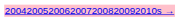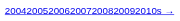 <table id=toc class=toc summary=Contents>
 <tr>
 <th></th>
 </tr>
 <tr>
-<td align=center style="background: pink;"><a href='#'>2004</a><a href='#'>2005</a><a href='#'>2006</a><a href='#'>2007</a><a href='#'>2008</a><a href='#'>2009</a><a href='#'>2010s →</a></td>
+<td align=center><a href='#'>2004</a><a href='#'>2005</a><a href='#'>2006</a><a href='#'>2007</a><a href='#'>2008</a><a href='#'>2009</a><a href='#'>2010s →</a></td>
 </tr>
 </table>
